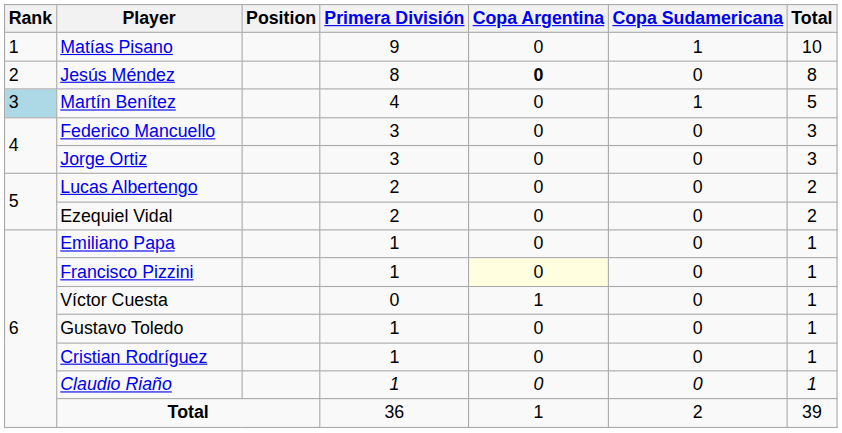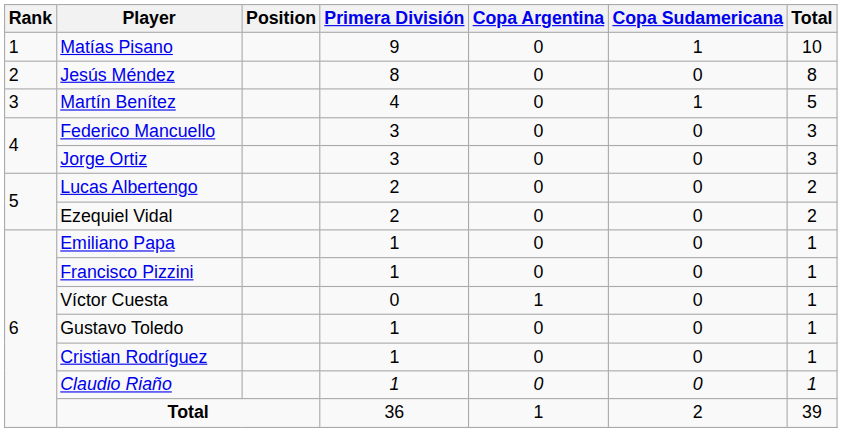 <table class="wikitable">
 <tr>
 <th>Rank</th>
 <th style="width:160px;">Player</th>
 <th>Position</th>
 <th><a href='#'>Primera División</a></th>
 <th><a href='#'>Copa Argentina</a></th>
 <th><a href='#'>Copa Sudamericana</a></th>
 <th>Total</th>
 </tr>
 <tr>
 <td>1</td>
 <td align=left> <a href='#'>Matías Pisano</a></td>
 <td align=center></td>
 <td align=center>9</td>
 <td align=center>0</td>
 <td align=center>1</td>
 <td align=center>10</td>
 </tr>
 <tr>
 <td>2</td>
 <td align=left> <a href='#'>Jesús Méndez</a></td>
 <td align=center></td>
 <td align=center>8</td>
-<td align=center><strong>0</strong></td>
+<td align=center>0</td>
 <td align=center>0</td>
 <td align=center>8</td>
 </tr>
 <tr>
-<td style="background: lightblue;">3</td>
+<td>3</td>
 <td align=left> <a href='#'>Martín Benítez</a></td>
 <td align=center></td>
 <td align=center>4</td>
 <td align=center>0</td>
 <td align=center>1</td>
 <td align=center>5</td>
 </tr>
 <tr>
 <td align=left rowspan=2>4</td>
 <td align=left> <a href='#'>Federico Mancuello</a></td>
 <td align=center></td>
 <td align=center>3</td>
 <td align=center>0</td>
 <td align=center>0</td>
 <td align=center>3</td>
 </tr>
 <tr>
 <td align=left> <a href='#'>Jorge Ortiz</a></td>
 <td align=center></td>
 <td align=center>3</td>
 <td align=center>0</td>
 <td align=center>0</td>
 <td align=center>3</td>
 </tr>
 <tr>
 <td align=left rowspan=2>5</td>
 <td align=left> <a href='#'>Lucas Albertengo</a></td>
 <td align=center></td>
 <td align=center>2</td>
 <td align=center>0</td>
 <td align=center>0</td>
 <td align=center>2</td>
 </tr>
 <tr>
 <td align=left> Ezequiel Vidal</td>
 <td align=center></td>
 <td align=center>2</td>
 <td align=center>0</td>
 <td align=center>0</td>
 <td align=center>2</td>
 </tr>
 <tr>
 <td align=left rowspan=7>6</td>
 <td align=left> <a href='#'>Emiliano Papa</a></td>
 <td align=center></td>
 <td align=center>1</td>
 <td align=center>0</td>
 <td align=center>0</td>
 <td align=center>1</td>
 </tr>
 <tr>
 <td align=left> <a href='#'>Francisco Pizzini</a></td>
 <td align=center></td>
 <td align=center>1</td>
-<td align=center style="background: lightyellow;">0</td>
+<td align=center>0</td>
 <td align=center>0</td>
 <td align=center>1</td>
 </tr>
 <tr>
 <td align=left> Víctor Cuesta</td>
 <td align=center></td>
 <td align=center>0</td>
 <td align=center>1</td>
 <td align=center>0</td>
 <td align=center>1</td>
 </tr>
 <tr>
 <td align=left> Gustavo Toledo</td>
 <td align=center></td>
 <td align=center>1</td>
 <td align=center>0</td>
 <td align=center>0</td>
 <td align=center>1</td>
 </tr>
 <tr>
 <td align=left> <a href='#'>Cristian Rodríguez</a></td>
 <td align=center></td>
 <td align=center>1</td>
 <td align=center>0</td>
 <td align=center>0</td>
 <td align=center>1</td>
 </tr>
 <tr>
 <td align=left> <em><a href='#'>Claudio Riaño</a></em></td>
 <td align=center></td>
 <td align=center><em>1</em></td>
 <td align=center><em>0</em></td>
 <td align=center><em>0</em></td>
 <td align=center><em>1</em></td>
 </tr>
 <tr>
 <td align=center colspan=2><strong>Total</strong></td>
 <td align=center>36</td>
 <td align=center>1</td>
 <td align=center>2</td>
 <td align=center>39</td>
 </tr>
 </table>
